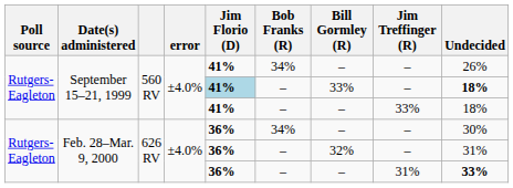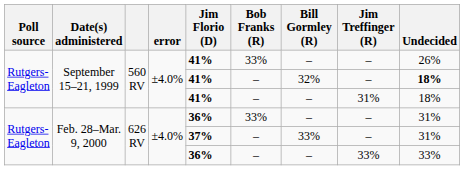 <table class="wikitable">
 <tr valign= bottom>
 <th>Poll source</th>
 <th>Date(s)<br>administered</th>
 <th></th>
 <th><br>error</th>
 <th style="width:100px;">Jim<br>Florio (D)</th>
 <th style="width:100px;">Bob<br>Franks (R)</th>
 <th style="width:100px;">Bill<br>Gormley (R)</th>
 <th style="width:100px;">Jim<br>Treffinger (R)</th>
 <th>Undecided</th>
 </tr>
 <tr>
 <td rowspan="3"><a href='#'>Rutgers-Eagleton</a></td>
 <td rowspan="3" align=center>September 15–21, 1999</td>
 <td rowspan="3" align=center>560 RV</td>
 <td rowspan="3" align=center>±4.0%</td>
 <td><strong>41%</strong></td>
-<td align=center>34%</td>
+<td align=center>33%</td>
 <td align=center>–</td>
 <td align=center>–</td>
 <td align=center>26%</td>
 </tr>
 <tr>
-<td style="background: lightblue;"><strong>41%</strong></td>
+<td><strong>41%</strong></td>
 <td align=center>–</td>
-<td align=center>33%</td>
+<td align=center>32%</td>
 <td align=center>–</td>
 <td align=center><strong>18%</strong></td>
 </tr>
 <tr>
 <td><strong>41%</strong></td>
 <td align=center>–</td>
 <td align=center>–</td>
-<td align=center>33%</td>
+<td align=center>31%</td>
 <td align=center>18%</td>
 </tr>
 <tr>
 <td rowspan="3"><a href='#'>Rutgers-Eagleton</a></td>
 <td rowspan="3" align=center>Feb. 28–Mar. 9, 2000</td>
 <td rowspan="3" align=center>626 RV</td>
 <td rowspan="3" align=center>±4.0%</td>
 <td><strong>36%</strong></td>
-<td align=center>34%</td>
+<td align=center>33%</td>
 <td align=center>–</td>
 <td align=center>–</td>
-<td align=center>30%</td>
+<td align=center>31%</td>
 </tr>
 <tr>
-<td><strong>36%</strong></td>
+<td><strong>37%</strong></td>
 <td align=center>–</td>
-<td align=center>32%</td>
+<td align=center>33%</td>
 <td align=center>–</td>
 <td align=center>31%</td>
 </tr>
 <tr>
 <td><strong>36%</strong></td>
 <td align=center>–</td>
 <td align=center>–</td>
-<td align=center>31%</td>
-<td align=center><strong>33%</strong></td>
+<td align=center>33%</td>
+<td align=center>33%</td>
 </tr>
 </table>
